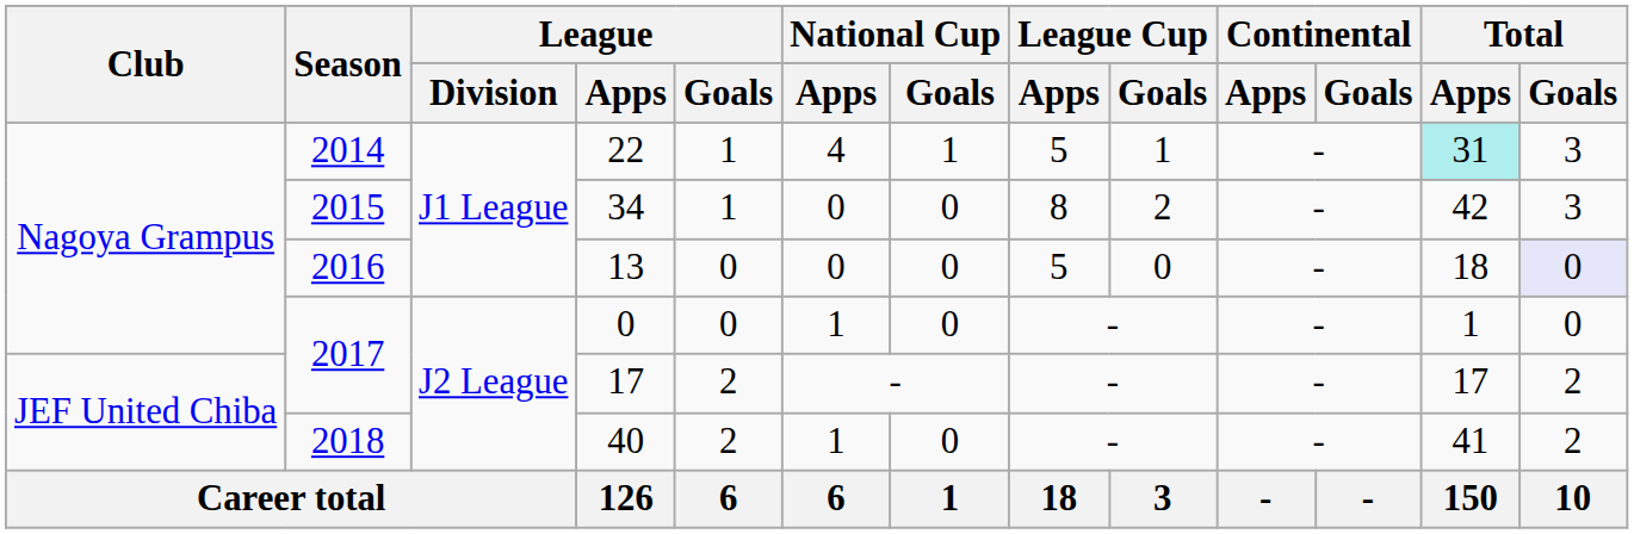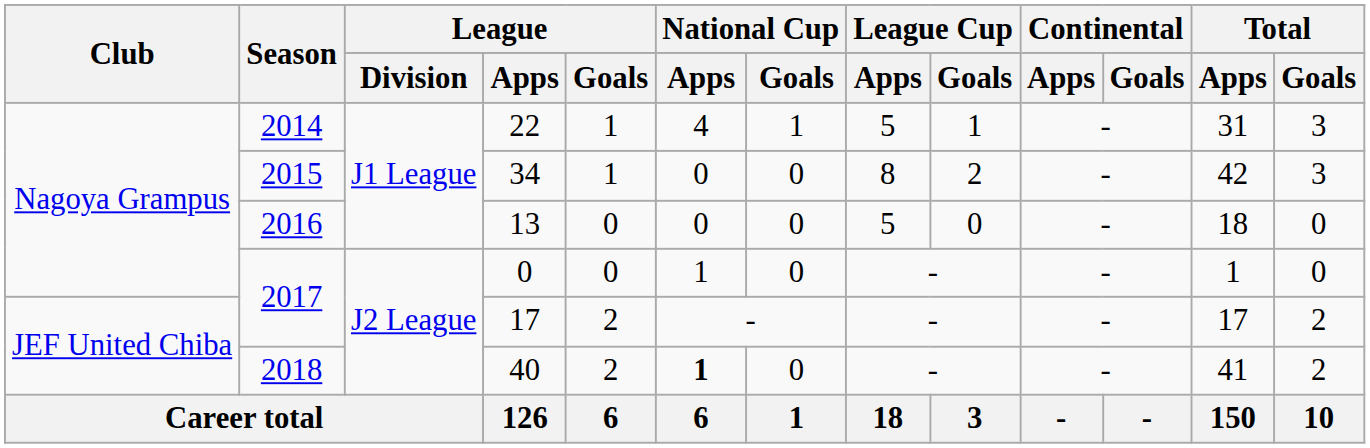 <table class="wikitable" style="text-align: center;">
 <tr>
 <th rowspan="2">Club</th>
 <th rowspan="2">Season</th>
 <th colspan="3">League</th>
 <th colspan="2">National Cup</th>
 <th colspan="2">League Cup</th>
 <th colspan="2">Continental</th>
 <th colspan="2">Total</th>
 </tr>
 <tr>
 <th>Division</th>
 <th>Apps</th>
 <th>Goals</th>
 <th>Apps</th>
 <th>Goals</th>
 <th>Apps</th>
 <th>Goals</th>
 <th>Apps</th>
 <th>Goals</th>
 <th>Apps</th>
 <th>Goals</th>
 </tr>
 <tr>
 <td rowspan="4" valign="center"><a href='#'>Nagoya Grampus</a></td>
 <td><a href='#'>2014</a></td>
 <td rowspan="3" valign="center"><a href='#'>J1 League</a></td>
 <td>22</td>
 <td>1</td>
 <td>4</td>
 <td>1</td>
 <td>5</td>
 <td>1</td>
 <td colspan="2">-</td>
-<td style="background: paleturquoise;">31</td>
+<td>31</td>
 <td>3</td>
 </tr>
 <tr>
 <td><a href='#'>2015</a></td>
 <td>34</td>
 <td>1</td>
 <td>0</td>
 <td>0</td>
 <td>8</td>
 <td>2</td>
 <td colspan="2">-</td>
 <td>42</td>
 <td>3</td>
 </tr>
 <tr>
 <td><a href='#'>2016</a></td>
 <td>13</td>
 <td>0</td>
 <td>0</td>
 <td>0</td>
 <td>5</td>
 <td>0</td>
 <td colspan="2">-</td>
 <td>18</td>
-<td style="background: lavender;">0</td>
+<td>0</td>
 </tr>
 <tr>
 <td rowspan="2" valign="center"><a href='#'>2017</a></td>
 <td rowspan="3" valign="center"><a href='#'>J2 League</a></td>
 <td>0</td>
 <td>0</td>
 <td>1</td>
 <td>0</td>
 <td colspan="2">-</td>
 <td colspan="2">-</td>
 <td>1</td>
 <td>0</td>
 </tr>
 <tr>
 <td rowspan="2" valign="center"><a href='#'>JEF United Chiba</a></td>
 <td>17</td>
 <td>2</td>
 <td colspan="2">-</td>
 <td colspan="2">-</td>
 <td colspan="2">-</td>
 <td>17</td>
 <td>2</td>
 </tr>
 <tr>
 <td><a href='#'>2018</a></td>
 <td>40</td>
 <td>2</td>
-<td>1</td>
+<td><strong>1</strong></td>
 <td>0</td>
 <td colspan="2">-</td>
 <td colspan="2">-</td>
 <td>41</td>
 <td>2</td>
 </tr>
 <tr>
 <th colspan="3">Career total</th>
 <th>126</th>
 <th>6</th>
 <th>6</th>
 <th>1</th>
 <th>18</th>
 <th>3</th>
 <th>-</th>
 <th>-</th>
 <th>150</th>
 <th>10</th>
 </tr>
 </table>
